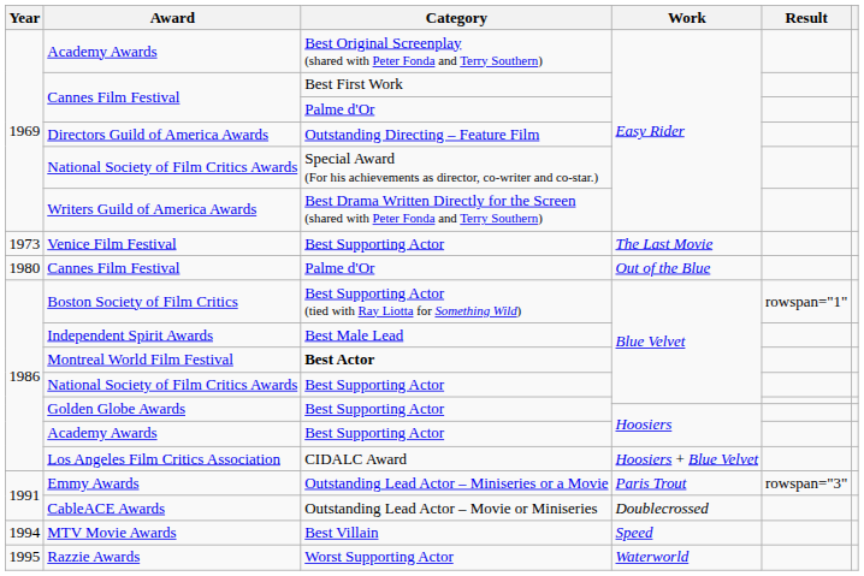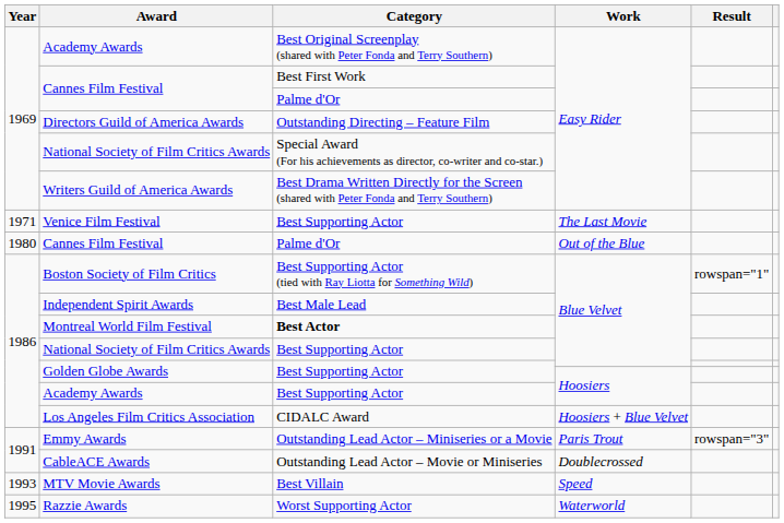 <table class="wikitable sortable">
 <tr>
 <th scope="col">Year</th>
 <th scope="col">Award</th>
 <th scope="col">Category</th>
 <th scope="col">Work</th>
 <th scope="col">Result</th>
 <th scope="col" class="unsortable"></th>
 </tr>
 <tr>
 <td rowspan="6">1969</td>
 <td><a href='#'>Academy Awards</a></td>
 <td><a href='#'>Best Original Screenplay</a><br><small>(shared with <a href='#'>Peter Fonda</a> and <a href='#'>Terry Southern</a>)</small></td>
 <td rowspan="6"><em><a href='#'>Easy Rider</a></em></td>
 <td></td>
 <td style="text-align:center;"></td>
 </tr>
 <tr>
 <td rowspan="2"><a href='#'>Cannes Film Festival</a></td>
 <td>Best First Work</td>
 <td></td>
 <td style="text-align:center;"></td>
 </tr>
 <tr>
 <td><a href='#'>Palme d'Or</a></td>
 <td></td>
 <td></td>
 </tr>
 <tr>
 <td><a href='#'>Directors Guild of America Awards</a></td>
 <td><a href='#'>Outstanding Directing – Feature Film</a></td>
 <td></td>
 <td></td>
 </tr>
 <tr>
 <td><a href='#'>National Society of Film Critics Awards</a></td>
 <td>Special Award<br><small>(For his achievements as director, co-writer and co-star.)</small></td>
 <td></td>
 <td></td>
 </tr>
 <tr>
 <td><a href='#'>Writers Guild of America Awards</a></td>
 <td><a href='#'>Best Drama Written Directly for the Screen</a><br><small>(shared with <a href='#'>Peter Fonda</a> and <a href='#'>Terry Southern</a>)</small></td>
 <td></td>
 <td></td>
 </tr>
 <tr>
-<td>1973</td>
+<td>1971</td>
 <td><a href='#'>Venice Film Festival</a></td>
 <td><a href='#'>Best Supporting Actor</a></td>
 <td><em><a href='#'>The Last Movie</a></em></td>
 <td></td>
 <td></td>
 </tr>
 <tr>
 <td>1980</td>
 <td><a href='#'>Cannes Film Festival</a></td>
 <td><a href='#'>Palme d'Or</a></td>
 <td><em><a href='#'>Out of the Blue</a></em></td>
 <td></td>
 <td style="text-align:center;"></td>
 </tr>
 <tr>
 <td rowspan="8">1986</td>
 <td><a href='#'>Boston Society of Film Critics</a></td>
 <td><a href='#'>Best Supporting Actor</a><br><small>(tied with <a href='#'>Ray Liotta</a> for <em><a href='#'>Something Wild</a></em>)</small></td>
 <td rowspan="5"><em><a href='#'>Blue Velvet</a></em></td>
 <td>rowspan="1" </td>
 <td style="text-align:center;"></td>
 </tr>
 <tr>
 <td><a href='#'>Independent Spirit Awards</a></td>
 <td><a href='#'>Best Male Lead</a></td>
 <td></td>
 <td></td>
 </tr>
 <tr>
 <td><a href='#'>Montreal World Film Festival</a></td>
 <td><strong>Best Actor</strong></td>
 <td></td>
 <td></td>
 </tr>
 <tr>
 <td><a href='#'>National Society of Film Critics Awards</a></td>
 <td><a href='#'>Best Supporting Actor</a></td>
 <td></td>
 <td></td>
 </tr>
 <tr>
 <td rowspan="2"><a href='#'>Golden Globe Awards</a></td>
 <td rowspan="2"><a href='#'>Best Supporting Actor</a></td>
 <td></td>
 <td></td>
 </tr>
 <tr>
 <td rowspan="2"><em><a href='#'>Hoosiers</a></em></td>
 <td></td>
 <td></td>
 </tr>
 <tr>
 <td><a href='#'>Academy Awards</a></td>
 <td><a href='#'>Best Supporting Actor</a></td>
 <td></td>
 <td style="text-align:center;"></td>
 </tr>
 <tr>
 <td><a href='#'>Los Angeles Film Critics Association</a></td>
 <td>CIDALC Award</td>
 <td><em><a href='#'>Hoosiers</a></em> + <em><a href='#'>Blue Velvet</a></em></td>
 <td></td>
 <td style="text-align:center;"></td>
 </tr>
 <tr>
 <td rowspan="3">1991</td>
 <td><a href='#'>Emmy Awards</a></td>
 <td><a href='#'>Outstanding Lead Actor – Miniseries or a Movie</a></td>
 <td rowspan="2"><em><a href='#'>Paris Trout</a></em></td>
 <td>rowspan="3" </td>
 <td style="text-align:center;"></td>
 </tr>
 <tr>
 <td rowspan="2"><a href='#'>CableACE Awards</a></td>
 <td rowspan="2">Outstanding Lead Actor – Movie or Miniseries</td>
 <td rowspan="2"></td>
 </tr>
 <tr>
 <td><em>Doublecrossed</em></td>
 </tr>
 <tr>
-<td>1994</td>
+<td>1993</td>
 <td><a href='#'>MTV Movie Awards</a></td>
 <td><a href='#'>Best Villain</a></td>
 <td><em><a href='#'>Speed</a></em></td>
 <td></td>
 <td style="text-align:center;"></td>
 </tr>
 <tr>
 <td>1995</td>
 <td><a href='#'>Razzie Awards</a></td>
 <td><a href='#'>Worst Supporting Actor</a></td>
 <td><em><a href='#'>Waterworld</a></em></td>
 <td></td>
 <td style="text-align:center;"></td>
 </tr>
 </table>
